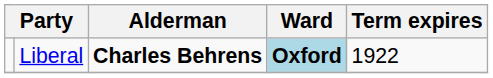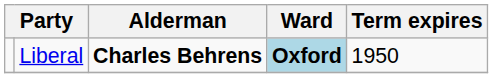 <table class="wikitable">
 <tr>
 <th colspan="2">Party</th>
 <th>Alderman</th>
 <th>Ward</th>
 <th>Term expires</th>
 </tr>
 <tr>
 <td style="background-color:"></td>
 <td><a href='#'>Liberal</a></td>
 <td><strong>Charles Behrens</strong></td>
 <td style="background: lightblue;"><strong>Oxford</strong></td>
-<td>1922</td>
+<td>1950</td>
 </tr>
 <tr>
 </tr>
 </table>
